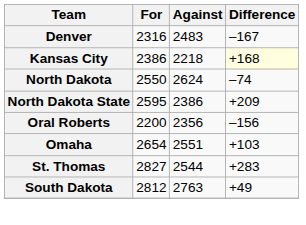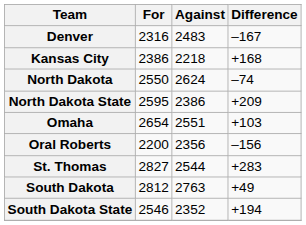 <table class="wikitable sortable">
 <tr>
 <th scope="col">Team</th>
 <th scope="col">For</th>
 <th scope="col">Against</th>
 <th scope="col">Difference</th>
 </tr>
 <tr>
 <th>Denver</th>
 <td>2316</td>
 <td>2483</td>
 <td>–167</td>
 </tr>
 <tr>
 <th>Kansas City</th>
 <td>2386</td>
 <td>2218</td>
-<td style="background: lightyellow;">+168</td>
+<td>+168</td>
 </tr>
 <tr>
 <th>North Dakota</th>
 <td>2550</td>
 <td>2624</td>
 <td>–74</td>
 </tr>
 <tr>
 <th>North Dakota State</th>
 <td>2595</td>
 <td>2386</td>
 <td>+209</td>
 </tr>
 <tr>
+<th>Omaha</th>
+<td>2654</td>
+<td>2551</td>
+<td>+103</td>
+</tr>
+<tr>
 <th>Oral Roberts</th>
 <td>2200</td>
 <td>2356</td>
 <td>–156</td>
-</tr>
-<tr>
-<th>Omaha</th>
-<td>2654</td>
-<td>2551</td>
-<td>+103</td>
 </tr>
 <tr>
 <th>St. Thomas</th>
 <td>2827</td>
 <td>2544</td>
 <td>+283</td>
 </tr>
 <tr>
 <th>South Dakota</th>
 <td>2812</td>
 <td>2763</td>
 <td>+49</td>
 </tr>
 <tr>
+<th>South Dakota State</th>
+<td>2546</td>
+<td>2352</td>
+<td>+194</td>
+</tr>
+<tr>
 </tr>
 </table>
